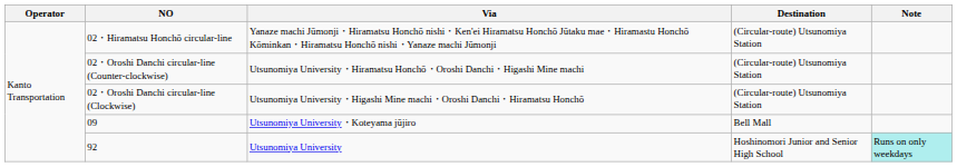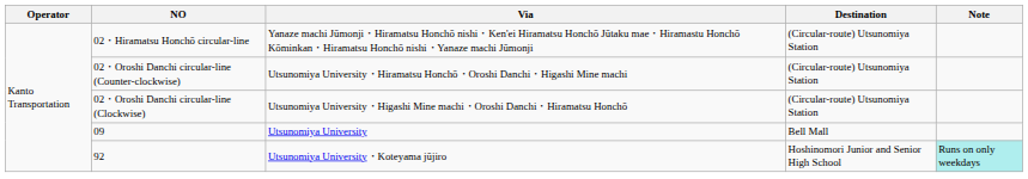 <table class="wikitable" style="font-size:small">
 <tr>
 <th>Operator</th>
 <th>NO</th>
 <th>Via</th>
 <th>Destination</th>
 <th>Note</th>
 </tr>
 <tr>
 <td rowspan="5">Kanto Transportation</td>
 <td>02・Hiramatsu Honchō circular-line</td>
 <td>Yanaze machi Jūmonji・Hiramatsu Honchō nishi・Ken'ei Hiramatsu Honchō Jūtaku mae・Hiramastu Honchō Kōminkan・Hiramatsu Honchō nishi・Yanaze machi Jūmonji</td>
 <td>(Circular-route) Utsunomiya Station</td>
 <td></td>
 </tr>
 <tr>
 <td>02・Oroshi Danchi circular-line (Counter-clockwise)</td>
 <td>Utsunomiya University・Hiramatsu Honchō・Oroshi Danchi・Higashi Mine machi</td>
 <td>(Circular-route) Utsunomiya Station</td>
 <td></td>
 </tr>
 <tr>
 <td>02・Oroshi Danchi circular-line (Clockwise)</td>
 <td>Utsunomiya University・Higashi Mine machi・Oroshi Danchi・Hiramatsu Honchō</td>
 <td>(Circular-route) Utsunomiya Station</td>
 <td></td>
 </tr>
 <tr>
 <td>09</td>
-<td><a href='#'>Utsunomiya University</a>・Koteyama jūjiro</td>
+<td><a href='#'>Utsunomiya University</a></td>
 <td>Bell Mall</td>
 <td></td>
 </tr>
 <tr>
 <td>92</td>
-<td><a href='#'>Utsunomiya University</a></td>
+<td><a href='#'>Utsunomiya University</a>・Koteyama jūjiro</td>
 <td>Hoshinomori Junior and Senior High School</td>
 <td style="background: paleturquoise;">Runs on only weekdays</td>
 </tr>
 </table>
